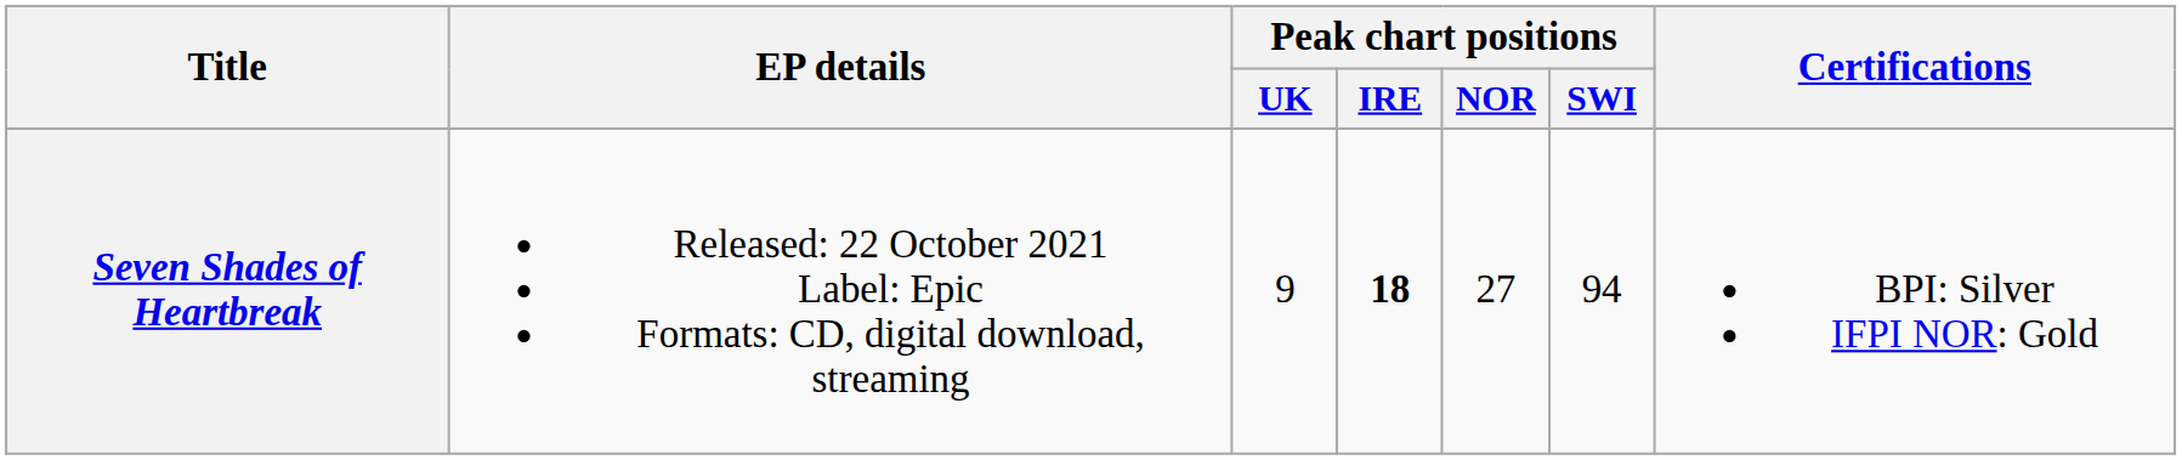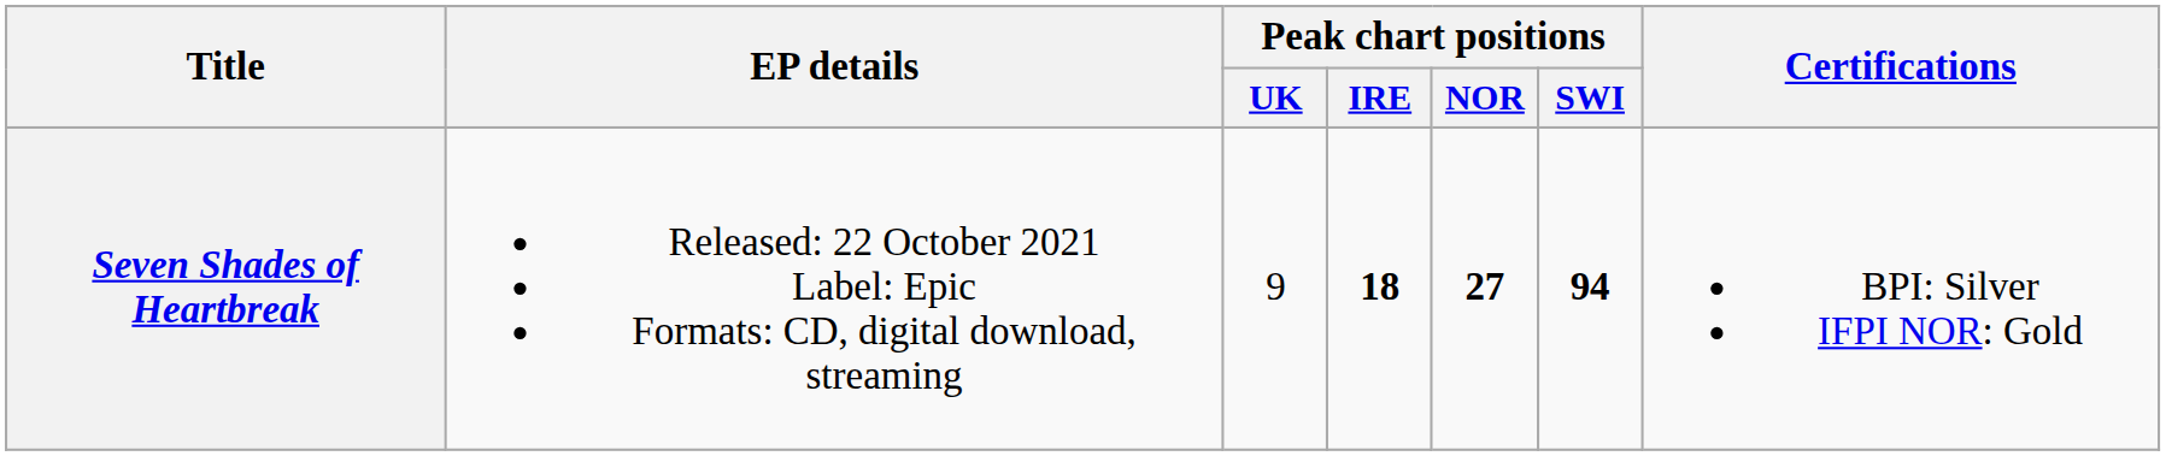 <table class="wikitable plainrowheaders" style="text-align:center;">
 <tr>
 <th scope="col" rowspan="2" style="width:11em;">Title</th>
 <th scope="col" rowspan="2" style="width:20em;">EP details</th>
 <th scope="col" colspan="4">Peak chart positions</th>
 <th scope="col" rowspan="2" style="width:13em;"><a href='#'>Certifications</a></th>
 </tr>
 <tr>
 <th scope="col" style="width:2.5em;font-size:90%;"><a href='#'>UK</a><br></th>
 <th scope="col" style="width:2.5em;font-size:90%;"><a href='#'>IRE</a><br></th>
 <th scope="col" style="width:2.5em;font-size:90%;"><a href='#'>NOR</a><br></th>
 <th scope="col" style="width:2.5em;font-size:90%;"><a href='#'>SWI</a><br></th>
 </tr>
 <tr>
 <th scope="row"><em><a href='#'>Seven Shades of Heartbreak</a></em></th>
 <td><br><ul><li>Released: 22 October 2021</li><li>Label: Epic</li><li>Formats: CD, digital download, streaming</li></ul></td>
 <td>9</td>
 <td><strong>18</strong></td>
-<td>27</td>
-<td>94</td>
+<td><strong>27</strong></td>
+<td><strong>94</strong></td>
 <td><br><ul><li>BPI: Silver</li><li><a href='#'>IFPI NOR</a>: Gold</li></ul></td>
 </tr>
 </table>
